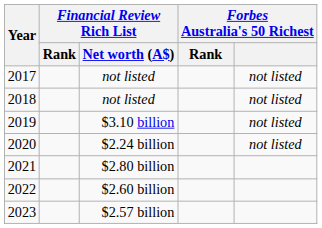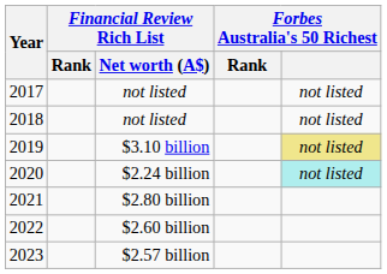 <table class="wikitable">
 <tr>
 <th rowspan=2>Year</th>
 <th colspan=2><em><a href='#'>Financial Review</a></em><br><a href='#'>Rich List</a></th>
 <th colspan=2><em><a href='#'>Forbes</a></em><br><a href='#'>Australia's 50 Richest</a></th>
 </tr>
 <tr>
 <th>Rank</th>
 <th><a href='#'>Net worth</a> (<a href='#'>A$</a>)</th>
 <th>Rank</th>
 <th></th>
 </tr>
 <tr>
 <td>2017</td>
 <td align="center"></td>
 <td align="center"><em>not listed</em></td>
 <td align="center"></td>
 <td align="center"><em>not listed</em></td>
 </tr>
 <tr>
 <td>2018</td>
 <td align="center"></td>
 <td align="center"><em>not listed</em></td>
 <td align="center"></td>
 <td align="center"><em>not listed</em></td>
 </tr>
 <tr>
 <td>2019</td>
 <td align="center"></td>
 <td align="right">$3.10 <a href='#'>billion</a> </td>
 <td align="center"></td>
-<td align="center"><em>not listed</em></td>
+<td align="center" style="background: khaki;"><em>not listed</em></td>
 </tr>
 <tr>
 <td>2020</td>
 <td align="center"></td>
 <td align="right">$2.24 billion </td>
 <td align="center"></td>
-<td align="center"><em>not listed</em></td>
+<td align="center" style="background: paleturquoise;"><em>not listed</em></td>
 </tr>
 <tr>
 <td>2021</td>
 <td align="center"></td>
 <td align="right">$2.80 billion </td>
 <td align="center"></td>
 <td align="right"></td>
 </tr>
 <tr>
 <td>2022</td>
 <td align="center"></td>
 <td align="right">$2.60 billion </td>
 <td align="center"></td>
 <td align="right"></td>
 </tr>
 <tr>
 <td>2023</td>
 <td align="center"></td>
 <td align="right">$2.57 billion </td>
 <td align="center"></td>
 <td align="right"></td>
 </tr>
 </table>
